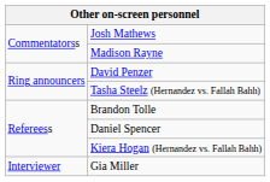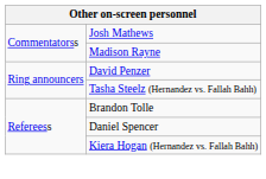 <table align="right" class="wikitable" style="border:1px; font-size:90%; margin-left:1em;">
 <tr>
 <th width="250" colspan="2"><strong>Other on-screen personnel</strong></th>
 </tr>
 <tr>
 <td rowspan="2"><a href='#'>Commentators</a>s</td>
 <td><a href='#'>Josh Mathews</a></td>
 </tr>
 <tr>
 <td><a href='#'>Madison Rayne</a></td>
 </tr>
 <tr>
 <td rowspan="2"><a href='#'>Ring announcers</a></td>
 <td><a href='#'>David Penzer</a></td>
 </tr>
 <tr>
 <td><a href='#'>Tasha Steelz</a> <small>(Hernandez vs. Fallah Bahh)</small></td>
 </tr>
 <tr>
 <td rowspan="3"><a href='#'>Referees</a>s</td>
 <td>Brandon Tolle</td>
 </tr>
 <tr>
 <td>Daniel Spencer</td>
 </tr>
 <tr>
 <td><a href='#'>Kiera Hogan</a> <small>(Hernandez vs. Fallah Bahh)</small></td>
 </tr>
-<tr>
-<td rowspan="1"><a href='#'>Interviewer</a></td>
-<td>Gia Miller</td>
-</tr>
 </table>
